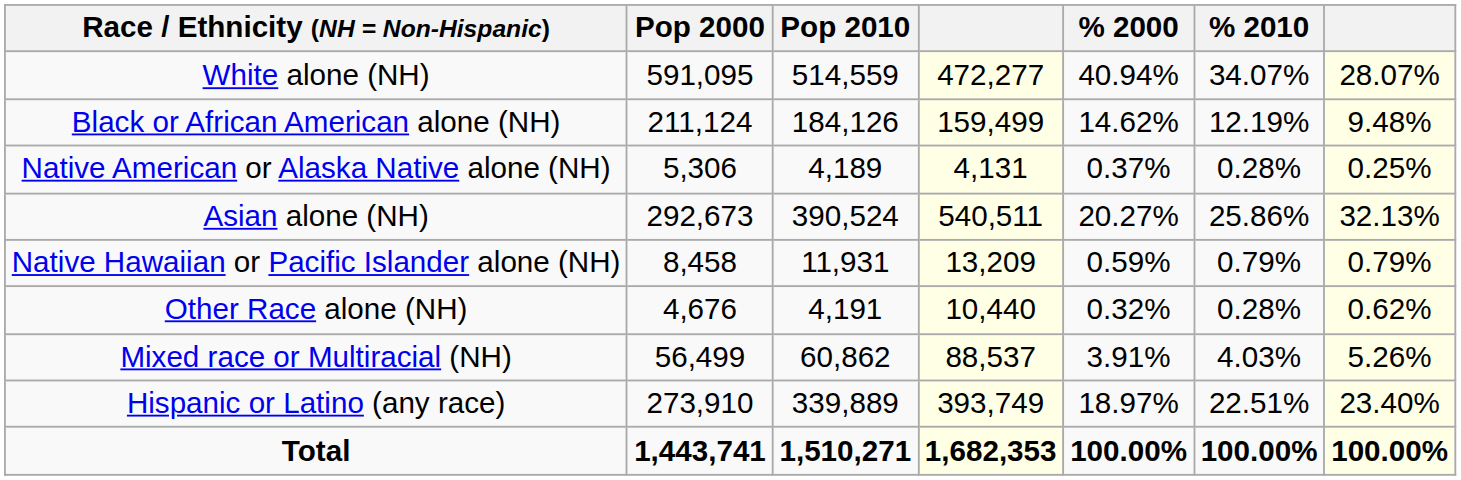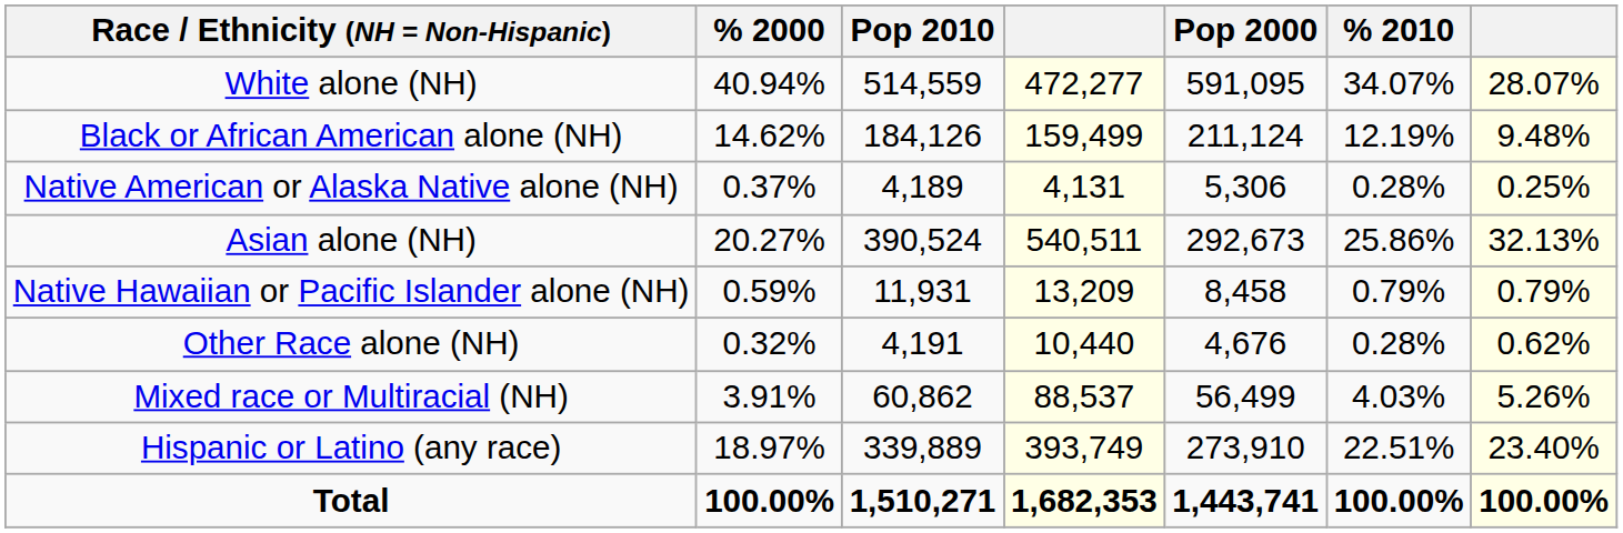 <table class="wikitable" style="text-align:center;">
 <tr>
 <th>Race / Ethnicity <small>(<em>NH = Non-Hispanic</em>)</small></th>
-<th>Pop 2000</th>
+<th>% 2000</th>
 <th>Pop 2010</th>
 <th></th>
-<th>% 2000</th>
+<th>Pop 2000</th>
 <th>% 2010</th>
 <th></th>
 </tr>
 <tr>
 <td><a href='#'>White</a> alone (NH)</td>
-<td>591,095</td>
+<td>40.94%</td>
 <td>514,559</td>
 <td style='background: #ffffe6;'>472,277</td>
-<td>40.94%</td>
+<td>591,095</td>
 <td>34.07%</td>
 <td style='background: #ffffe6;'>28.07%</td>
 </tr>
 <tr>
 <td><a href='#'>Black or African American</a> alone (NH)</td>
-<td>211,124</td>
+<td>14.62%</td>
 <td>184,126</td>
 <td style='background: #ffffe6;'>159,499</td>
-<td>14.62%</td>
+<td>211,124</td>
 <td>12.19%</td>
 <td style='background: #ffffe6;'>9.48%</td>
 </tr>
 <tr>
 <td><a href='#'>Native American</a> or <a href='#'>Alaska Native</a> alone (NH)</td>
-<td>5,306</td>
+<td>0.37%</td>
 <td>4,189</td>
 <td style='background: #ffffe6;'>4,131</td>
-<td>0.37%</td>
+<td>5,306</td>
 <td>0.28%</td>
 <td style='background: #ffffe6;'>0.25%</td>
 </tr>
 <tr>
 <td><a href='#'>Asian</a> alone (NH)</td>
-<td>292,673</td>
+<td>20.27%</td>
 <td>390,524</td>
 <td style='background: #ffffe6;'>540,511</td>
-<td>20.27%</td>
+<td>292,673</td>
 <td>25.86%</td>
 <td style='background: #ffffe6;'>32.13%</td>
 </tr>
 <tr>
 <td><a href='#'>Native Hawaiian</a> or <a href='#'>Pacific Islander</a> alone (NH)</td>
-<td>8,458</td>
+<td>0.59%</td>
 <td>11,931</td>
 <td style='background: #ffffe6;'>13,209</td>
-<td>0.59%</td>
+<td>8,458</td>
 <td>0.79%</td>
 <td style='background: #ffffe6;'>0.79%</td>
 </tr>
 <tr>
 <td><a href='#'>Other Race</a> alone (NH)</td>
-<td>4,676</td>
+<td>0.32%</td>
 <td>4,191</td>
 <td style='background: #ffffe6;'>10,440</td>
-<td>0.32%</td>
+<td>4,676</td>
 <td>0.28%</td>
 <td style='background: #ffffe6;'>0.62%</td>
 </tr>
 <tr>
 <td><a href='#'>Mixed race or Multiracial</a> (NH)</td>
-<td>56,499</td>
+<td>3.91%</td>
 <td>60,862</td>
 <td style='background: #ffffe6;'>88,537</td>
-<td>3.91%</td>
+<td>56,499</td>
 <td>4.03%</td>
 <td style='background: #ffffe6;'>5.26%</td>
 </tr>
 <tr>
 <td><a href='#'>Hispanic or Latino</a> (any race)</td>
-<td>273,910</td>
+<td>18.97%</td>
 <td>339,889</td>
 <td style='background: #ffffe6;'>393,749</td>
-<td>18.97%</td>
+<td>273,910</td>
 <td>22.51%</td>
 <td style='background: #ffffe6;'>23.40%</td>
 </tr>
 <tr>
 <td><strong>Total</strong></td>
-<td><strong>1,443,741</strong></td>
+<td><strong>100.00%</strong></td>
 <td><strong>1,510,271</strong></td>
 <td style='background: #ffffe6;'><strong>1,682,353</strong></td>
-<td><strong>100.00%</strong></td>
+<td><strong>1,443,741</strong></td>
 <td><strong>100.00%</strong></td>
 <td style='background: #ffffe6;'><strong>100.00%</strong></td>
 </tr>
 </table>
